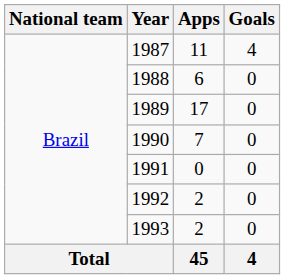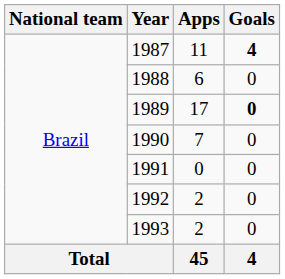 <table class="wikitable" style="text-align:center">
 <tr>
 <th>National team</th>
 <th>Year</th>
 <th>Apps</th>
 <th>Goals</th>
 </tr>
 <tr>
 <td rowspan="7"><a href='#'>Brazil</a></td>
 <td>1987</td>
 <td>11</td>
-<td>4</td>
+<td><strong>4</strong></td>
 </tr>
 <tr>
 <td>1988</td>
 <td>6</td>
 <td>0</td>
 </tr>
 <tr>
 <td>1989</td>
 <td>17</td>
-<td>0</td>
+<td><strong>0</strong></td>
 </tr>
 <tr>
 <td>1990</td>
 <td>7</td>
 <td>0</td>
 </tr>
 <tr>
 <td>1991</td>
 <td>0</td>
 <td>0</td>
 </tr>
 <tr>
 <td>1992</td>
 <td>2</td>
 <td>0</td>
 </tr>
 <tr>
 <td>1993</td>
 <td>2</td>
 <td>0</td>
 </tr>
 <tr>
 <th colspan="2">Total</th>
 <th>45</th>
 <th>4</th>
 </tr>
 </table>
